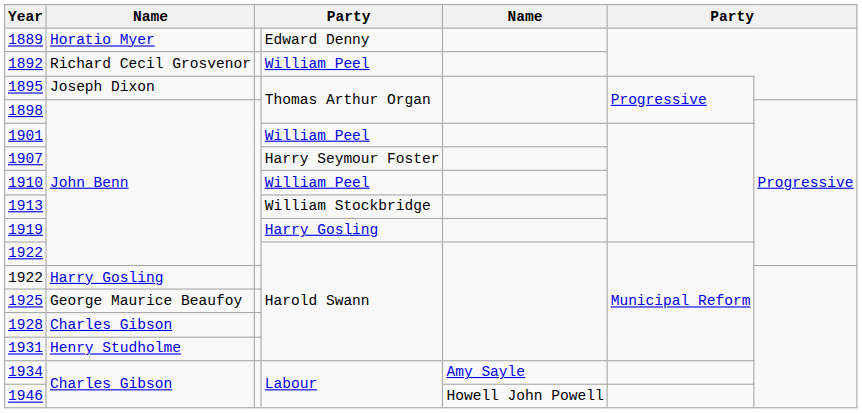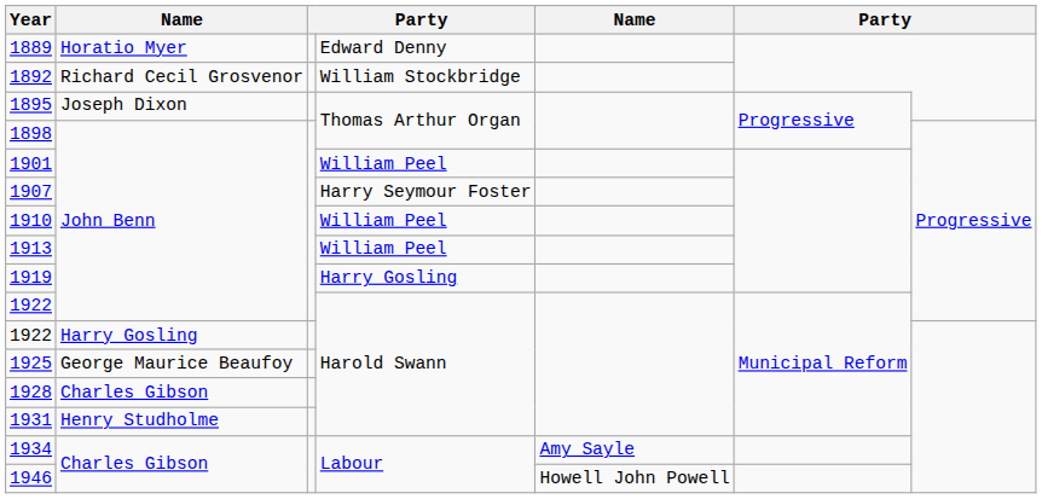 <table class="wikitable">
 <tr>
 <th>Year</th>
 <th>Name</th>
 <th colspan=2>Party</th>
 <th>Name</th>
 <th colspan=2>Party</th>
 </tr>
 <tr>
 <td><a href='#'>1889</a></td>
 <td><a href='#'>Horatio Myer</a></td>
 <td></td>
 <td>Edward Denny</td>
 <td></td>
 </tr>
 <tr>
 <td><a href='#'>1892</a></td>
 <td>Richard Cecil Grosvenor</td>
 <td></td>
-<td><a href='#'>William Peel</a></td>
+<td>William Stockbridge</td>
 <td></td>
 </tr>
 <tr>
 <td><a href='#'>1895</a></td>
 <td>Joseph Dixon</td>
 <td></td>
 <td rowspan=2>Thomas Arthur Organ</td>
 <td rowspan=2 style="background-color: "></td>
 <td rowspan=2><a href='#'>Progressive</a></td>
 </tr>
 <tr>
 <td><a href='#'>1898</a></td>
 <td rowspan=7><a href='#'>John Benn</a></td>
 <td rowspan=7 style="background-color: "></td>
 <td rowspan=7><a href='#'>Progressive</a></td>
 </tr>
 <tr>
 <td><a href='#'>1901</a></td>
 <td><a href='#'>William Peel</a></td>
 <td></td>
 </tr>
 <tr>
 <td><a href='#'>1907</a></td>
 <td>Harry Seymour Foster</td>
 <td></td>
 </tr>
 <tr>
 <td><a href='#'>1910</a></td>
 <td><a href='#'>William Peel</a></td>
 <td></td>
 </tr>
 <tr>
 <td><a href='#'>1913</a></td>
-<td>William Stockbridge</td>
+<td><a href='#'>William Peel</a></td>
 <td></td>
 </tr>
 <tr>
 <td><a href='#'>1919</a></td>
 <td><a href='#'>Harry Gosling</a></td>
 <td></td>
 </tr>
 <tr>
 <td><a href='#'>1922</a></td>
 <td rowspan=5>Harold Swann</td>
 <td rowspan=5 style="background-color: "></td>
 <td rowspan=5><a href='#'>Municipal Reform</a></td>
 </tr>
 <tr>
 <td>1922</td>
 <td><a href='#'>Harry Gosling</a></td>
 <td></td>
 </tr>
 <tr>
 <td><a href='#'>1925</a></td>
 <td>George Maurice Beaufoy</td>
 <td></td>
 </tr>
 <tr>
 <td><a href='#'>1928</a></td>
 <td><a href='#'>Charles Gibson</a></td>
 <td></td>
 </tr>
 <tr>
 <td><a href='#'>1931</a></td>
 <td><a href='#'>Henry Studholme</a></td>
 <td></td>
 </tr>
 <tr>
 <td><a href='#'>1934</a></td>
 <td rowspan=2><a href='#'>Charles Gibson</a></td>
 <td rowspan=2 style="background-color: "></td>
 <td rowspan=2><a href='#'>Labour</a></td>
 <td><a href='#'>Amy Sayle</a></td>
 <td></td>
 </tr>
 <tr>
 <td><a href='#'>1946</a></td>
 <td>Howell John Powell</td>
 <td></td>
 </tr>
 </table>
